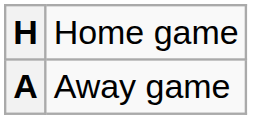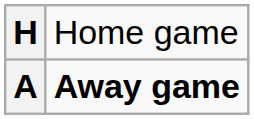 <table class="wikitable plainrowheaders" style="font-size:90%;">
 <tr>
 <th scope="row"><strong>H</strong></th>
 <td>Home game</td>
 </tr>
 <tr>
 <th scope="row"><strong>A</strong></th>
-<td>Away game</td>
+<td><strong>Away game</strong></td>
 </tr>
 </table>
